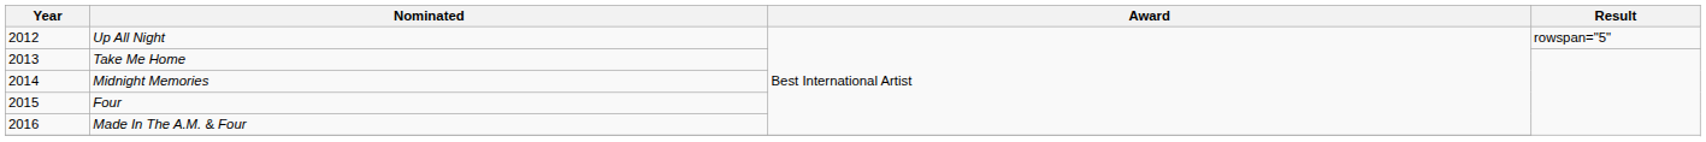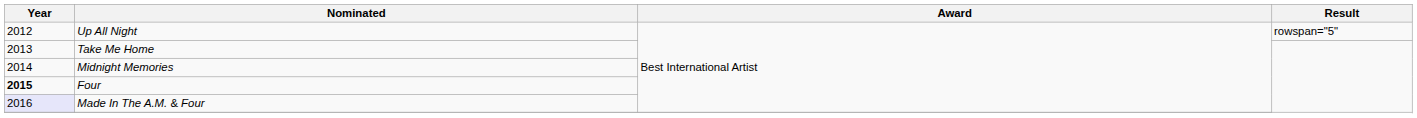 <table class="wikitable" style="width:100%;">
 <tr>
 <th width=5%>Year</th>
 <th style="width:40%;">Nominated</th>
 <th style="width:45%;">Award</th>
 <th style="width:10%;">Result</th>
 </tr>
 <tr>
 <td>2012</td>
 <td><em>Up All Night</em></td>
 <td rowspan="5">Best International Artist</td>
 <td>rowspan="5" </td>
 </tr>
 <tr>
 <td>2013</td>
 <td><em>Take Me Home</em></td>
 </tr>
 <tr>
 <td>2014</td>
 <td><em>Midnight Memories</em></td>
 </tr>
 <tr>
-<td>2015</td>
+<td><strong>2015</strong></td>
 <td><em>Four</em></td>
 </tr>
 <tr>
-<td>2016</td>
+<td style="background: lavender;">2016</td>
 <td><em>Made In The A.M.</em> & <em>Four</em></td>
 </tr>
 <tr>
 </tr>
 </table>
